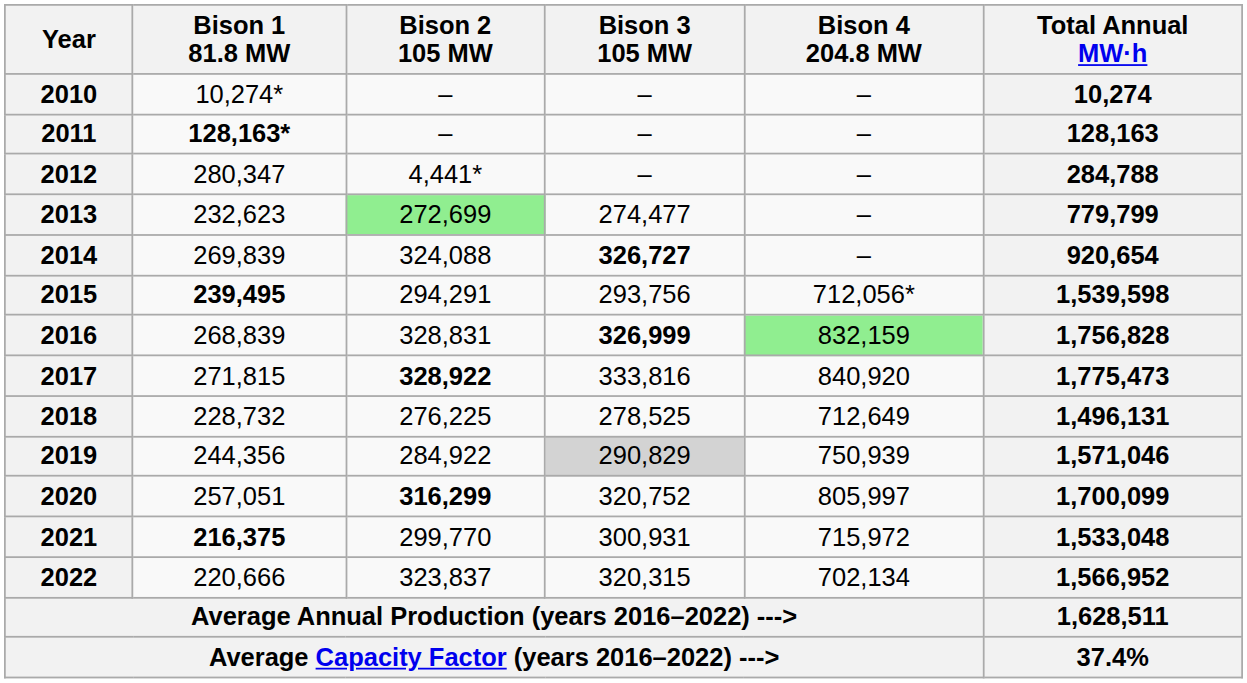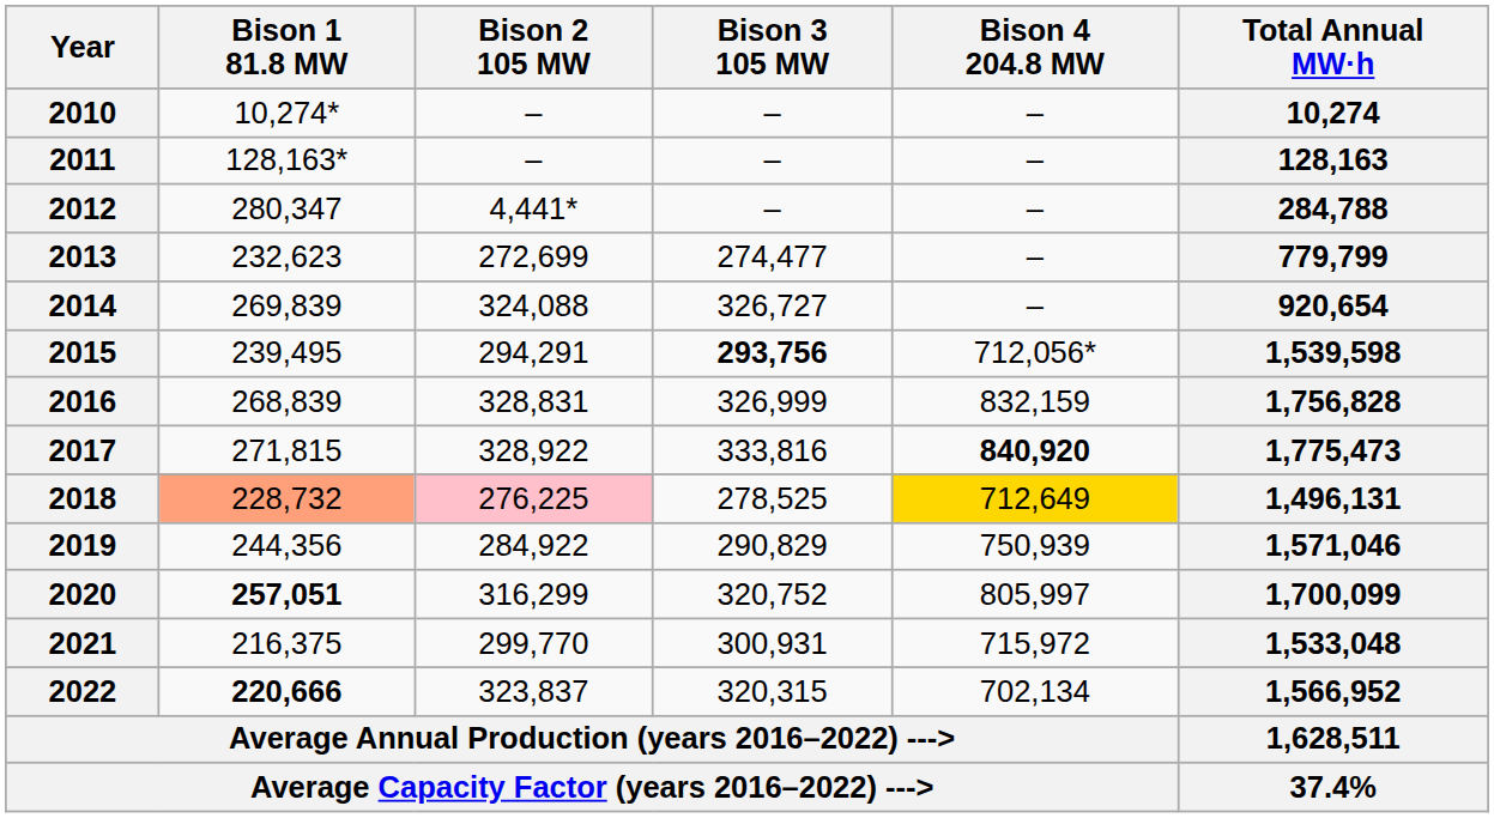 <table class=wikitable style="text-align:center; font-size:0.9em; width:700px;">
 <tr>
 <th>Year</th>
 <th>Bison 1<br>81.8 MW </th>
 <th>Bison 2<br>105 MW </th>
 <th>Bison 3<br>105 MW </th>
 <th>Bison 4<br>204.8 MW </th>
 <th>Total Annual<br><a href='#'>MW·h</a></th>
 </tr>
 <tr>
 <th>2010</th>
 <td>10,274*</td>
 <td>–</td>
 <td>–</td>
 <td>–</td>
 <th>10,274</th>
 </tr>
 <tr>
 <th>2011</th>
-<td><strong>128,163*</strong></td>
+<td>128,163*</td>
 <td>–</td>
 <td>–</td>
 <td>–</td>
 <th>128,163</th>
 </tr>
 <tr>
 <th>2012</th>
 <td>280,347</td>
 <td>4,441*</td>
 <td>–</td>
 <td>–</td>
 <th>284,788</th>
 </tr>
 <tr>
 <th>2013</th>
 <td>232,623</td>
-<td style="background: lightgreen;">272,699</td>
+<td>272,699</td>
 <td>274,477</td>
 <td>–</td>
 <th>779,799</th>
 </tr>
 <tr>
 <th>2014</th>
 <td>269,839</td>
 <td>324,088</td>
-<td><strong>326,727</strong></td>
+<td>326,727</td>
 <td>–</td>
 <th>920,654</th>
 </tr>
 <tr>
 <th>2015</th>
-<td><strong>239,495</strong></td>
+<td>239,495</td>
 <td>294,291</td>
-<td>293,756</td>
+<td><strong>293,756</strong></td>
 <td>712,056*</td>
 <th>1,539,598</th>
 </tr>
 <tr>
 <th>2016</th>
 <td>268,839</td>
 <td>328,831</td>
-<td><strong>326,999</strong></td>
-<td style="background: lightgreen;">832,159</td>
+<td>326,999</td>
+<td>832,159</td>
 <th>1,756,828</th>
 </tr>
 <tr>
 <th>2017</th>
 <td>271,815</td>
-<td><strong>328,922</strong></td>
+<td>328,922</td>
 <td>333,816</td>
-<td>840,920</td>
+<td><strong>840,920</strong></td>
 <th>1,775,473</th>
 </tr>
 <tr>
 <th>2018</th>
-<td>228,732</td>
-<td>276,225</td>
+<td style="background: lightsalmon;">228,732</td>
+<td style="background: pink;">276,225</td>
 <td>278,525</td>
-<td>712,649</td>
+<td style="background: gold;">712,649</td>
 <th>1,496,131</th>
 </tr>
 <tr>
 <th>2019</th>
 <td>244,356</td>
 <td>284,922</td>
-<td style="background: lightgrey;">290,829</td>
+<td>290,829</td>
 <td>750,939</td>
 <th>1,571,046</th>
 </tr>
 <tr>
 <th>2020</th>
-<td>257,051</td>
-<td><strong>316,299</strong></td>
+<td><strong>257,051</strong></td>
+<td>316,299</td>
 <td>320,752</td>
 <td>805,997</td>
 <th>1,700,099</th>
 </tr>
 <tr>
 <th>2021</th>
-<td><strong>216,375</strong></td>
+<td>216,375</td>
 <td>299,770</td>
 <td>300,931</td>
 <td>715,972</td>
 <th>1,533,048</th>
 </tr>
 <tr>
 <th>2022</th>
-<td>220,666</td>
+<td><strong>220,666</strong></td>
 <td>323,837</td>
 <td>320,315</td>
 <td>702,134</td>
 <th>1,566,952</th>
 </tr>
 <tr>
 <th colspan=5>Average Annual Production (years 2016–2022) ---></th>
 <th>1,628,511</th>
 </tr>
 <tr>
 <th colspan=5>Average <a href='#'>Capacity Factor</a> (years 2016–2022) ---></th>
 <th>37.4%</th>
 </tr>
 </table>
